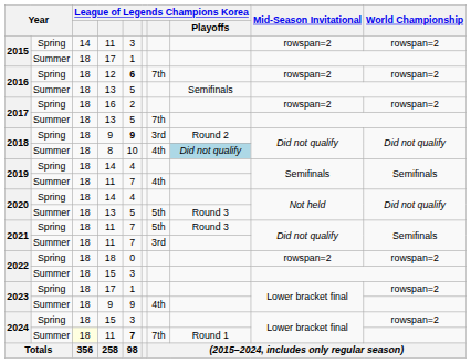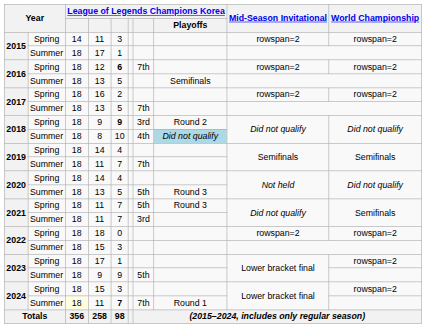 <table class="wikitable sortable" style="font-size:90%; text-align:center; white-space:nowrap">
 <tr>
 <th rowspan=2 colspan=2>Year</th>
 <th colspan=6><a href='#'>League of Legends Champions Korea</a></th>
 <th rowspan=2><a href='#'>Mid-Season Invitational</a></th>
 <th rowspan=2><a href='#'>World Championship</a></th>
 </tr>
 <tr>
 <th></th>
 <th></th>
 <th></th>
 <th></th>
 <th></th>
 <th>Playoffs</th>
 </tr>
 <tr>
 <th rowspan=2>2015</th>
 <td>Spring</td>
 <td>14</td>
 <td>11</td>
 <td>3</td>
 <td></td>
 <td></td>
 <td></td>
 <td>rowspan=2 </td>
 <td>rowspan=2 </td>
 </tr>
 <tr>
 <td>Summer</td>
 <td>18</td>
 <td>17</td>
 <td>1</td>
 <td></td>
 <td></td>
 <td></td>
 </tr>
 <tr>
 <th rowspan=2>2016</th>
 <td>Spring</td>
 <td>18</td>
 <td>12</td>
 <td><strong>6</strong></td>
 <td></td>
 <td>7th</td>
 <td></td>
 <td>rowspan=2 </td>
 <td>rowspan=2 </td>
 </tr>
 <tr>
 <td>Summer</td>
 <td>18</td>
 <td>13</td>
 <td>5</td>
 <td></td>
 <td></td>
 <td>Semifinals</td>
 </tr>
 <tr>
 <th rowspan=2>2017</th>
 <td>Spring</td>
 <td>18</td>
 <td>16</td>
 <td>2</td>
 <td></td>
 <td></td>
 <td></td>
 <td>rowspan=2 </td>
 <td>rowspan=2 </td>
 </tr>
 <tr>
 <td>Summer</td>
 <td>18</td>
 <td>13</td>
 <td>5</td>
 <td></td>
 <td>7th</td>
 <td></td>
 </tr>
 <tr>
 <th rowspan=2>2018</th>
 <td>Spring</td>
 <td>18</td>
 <td>9</td>
 <td><strong>9</strong></td>
 <td></td>
 <td>3rd</td>
 <td>Round 2</td>
 <td rowspan=2><em>Did not qualify</em></td>
 <td rowspan=2><em>Did not qualify</em></td>
 </tr>
 <tr>
 <td>Summer</td>
 <td>18</td>
 <td>8</td>
 <td>10</td>
 <td></td>
 <td>4th</td>
 <td style="background: lightblue;"><em>Did not qualify</em></td>
 </tr>
 <tr>
 <th rowspan=2>2019</th>
 <td>Spring</td>
 <td>18</td>
 <td>14</td>
 <td>4</td>
 <td></td>
 <td></td>
 <td></td>
 <td rowspan=2>Semifinals</td>
 <td rowspan=2>Semifinals</td>
 </tr>
 <tr>
 <td>Summer</td>
 <td>18</td>
 <td>11</td>
 <td>7</td>
 <td></td>
-<td>4th</td>
+<td>7th</td>
 <td></td>
 </tr>
 <tr>
 <th rowspan=2>2020</th>
 <td>Spring</td>
 <td>18</td>
 <td>14</td>
 <td>4</td>
 <td></td>
 <td></td>
 <td></td>
 <td rowspan=2><em>Not held</em></td>
 <td rowspan=2><em>Did not qualify</em></td>
 </tr>
 <tr>
 <td>Summer</td>
 <td>18</td>
 <td>13</td>
 <td>5</td>
 <td></td>
 <td>5th</td>
 <td>Round 3</td>
 </tr>
 <tr>
 <th rowspan=2>2021</th>
 <td>Spring</td>
 <td>18</td>
 <td>11</td>
 <td>7</td>
 <td></td>
 <td>5th</td>
 <td>Round 3</td>
 <td rowspan=2><em>Did not qualify</em></td>
 <td rowspan=2>Semifinals</td>
 </tr>
 <tr>
 <td>Summer</td>
 <td>18</td>
 <td>11</td>
 <td>7</td>
 <td></td>
 <td>3rd</td>
 <td></td>
 </tr>
 <tr>
 <th rowspan=2>2022</th>
 <td>Spring</td>
 <td>18</td>
 <td>18</td>
 <td>0</td>
 <td></td>
 <td></td>
 <td></td>
 <td>rowspan=2 </td>
 <td>rowspan=2 </td>
 </tr>
 <tr>
 <td>Summer</td>
 <td>18</td>
 <td>15</td>
 <td>3</td>
 <td></td>
 <td></td>
 <td></td>
 </tr>
 <tr>
 <th rowspan=2>2023</th>
 <td>Spring</td>
 <td>18</td>
 <td>17</td>
 <td>1</td>
 <td></td>
 <td></td>
 <td></td>
 <td rowspan=2>Lower bracket final</td>
 <td>rowspan=2 </td>
 </tr>
 <tr>
 <td>Summer</td>
 <td>18</td>
 <td>9</td>
 <td>9</td>
 <td></td>
-<td>4th</td>
+<td>5th</td>
 <td></td>
 </tr>
 <tr>
 <th rowspan=2>2024</th>
 <td>Spring</td>
 <td>18</td>
 <td>15</td>
 <td>3</td>
 <td></td>
 <td></td>
 <td></td>
 <td rowspan=2>Lower bracket final</td>
 <td>rowspan=2 </td>
 </tr>
 <tr>
 <td>Summer</td>
 <td style="background: lightyellow;">18</td>
 <td>11</td>
 <td><strong>7</strong></td>
 <td></td>
 <td>7th</td>
 <td>Round 1</td>
 </tr>
 <tr>
 <th colspan=2>Totals</th>
 <th>356</th>
 <th>258</th>
 <th>98</th>
 <th></th>
 <th colspan=4><em>(2015–2024, includes only regular season)</em></th>
 </tr>
 </table>
